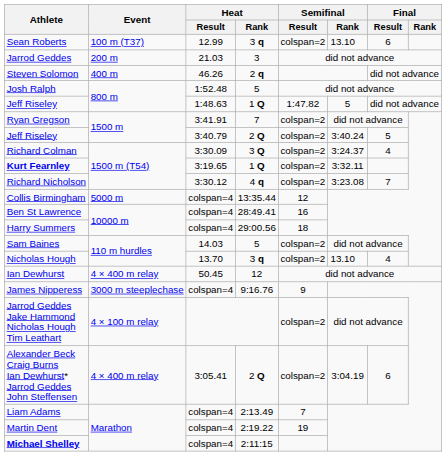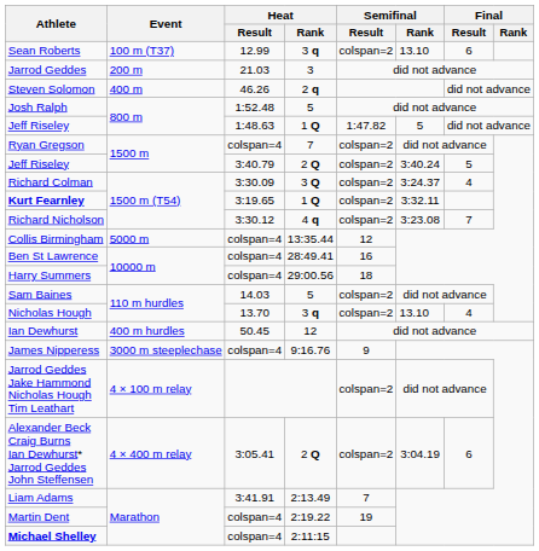 <table class="wikitable" style="font-size:90%">
 <tr>
 <th rowspan=2>Athlete</th>
 <th rowspan=2>Event</th>
 <th colspan=2>Heat</th>
 <th colspan=2>Semifinal</th>
 <th colspan=2>Final</th>
 </tr>
 <tr style="font-size:95%">
 <th>Result</th>
 <th>Rank</th>
 <th>Result</th>
 <th>Rank</th>
 <th>Result</th>
 <th>Rank</th>
 </tr>
 <tr align=center>
 <td align=left><a href='#'>Sean Roberts</a></td>
 <td align=left><a href='#'>100 m (T37)</a></td>
 <td>12.99</td>
 <td>3 <strong>q</strong></td>
 <td>colspan=2 </td>
 <td>13.10 </td>
 <td>6</td>
 </tr>
 <tr align=center>
 <td align=left><a href='#'>Jarrod Geddes</a></td>
 <td align=left><a href='#'>200 m</a></td>
 <td>21.03</td>
 <td>3</td>
 <td colspan=4>did not advance</td>
 </tr>
 <tr align=center>
 <td align=left><a href='#'>Steven Solomon</a></td>
 <td align=left><a href='#'>400 m</a></td>
 <td>46.26</td>
 <td>2 <strong>q</strong></td>
 <td colspan=2></td>
 <td colspan=2>did not advance</td>
 </tr>
 <tr align=center>
 <td align=left><a href='#'>Josh Ralph</a></td>
 <td align=left rowspan=2><a href='#'>800 m</a></td>
 <td>1:52.48</td>
 <td>5</td>
 <td colspan=4>did not advance</td>
 </tr>
 <tr align=center>
 <td align=left><a href='#'>Jeff Riseley</a></td>
 <td>1:48.63</td>
 <td>1 <strong>Q</strong></td>
 <td>1:47.82</td>
 <td>5</td>
 <td colspan=2>did not advance</td>
 </tr>
 <tr align=center>
 <td align=left><a href='#'>Ryan Gregson</a></td>
 <td align=left rowspan=2><a href='#'>1500 m</a></td>
-<td>3:41.91</td>
+<td>colspan=4 </td>
 <td>7</td>
 <td>colspan=2 </td>
 <td colspan=2>did not advance</td>
 </tr>
 <tr align=center>
 <td align=left><a href='#'>Jeff Riseley</a></td>
 <td>3:40.79</td>
 <td>2 <strong>Q</strong></td>
 <td>colspan=2 </td>
 <td>3:40.24</td>
 <td>5</td>
 </tr>
 <tr align=center>
 <td align=left><a href='#'>Richard Colman</a></td>
 <td align=left rowspan=3><a href='#'>1500 m (T54)</a></td>
 <td>3:30.09</td>
 <td>3 <strong>Q</strong></td>
 <td>colspan=2 </td>
 <td>3:24.37</td>
 <td>4</td>
 </tr>
 <tr align=center>
 <td align=left><strong><a href='#'>Kurt Fearnley</a></strong></td>
 <td>3:19.65</td>
 <td>1 <strong>Q</strong></td>
 <td>colspan=2 </td>
 <td>3:32.11</td>
 <td></td>
 </tr>
 <tr align=center>
 <td align=left><a href='#'>Richard Nicholson</a></td>
 <td>3:30.12</td>
 <td>4 <strong>q</strong></td>
 <td>colspan=2 </td>
 <td>3:23.08</td>
 <td>7</td>
 </tr>
 <tr align=center>
 <td align=left><a href='#'>Collis Birmingham</a></td>
 <td align=left rowspan=1><a href='#'>5000 m</a></td>
 <td>colspan=4 </td>
 <td>13:35.44</td>
 <td>12</td>
 </tr>
 <tr align=center>
 <td align=left><a href='#'>Ben St Lawrence</a></td>
 <td align=left rowspan=2><a href='#'>10000 m</a></td>
 <td>colspan=4 </td>
 <td>28:49.41</td>
 <td>16</td>
 </tr>
 <tr align=center>
 <td align=left><a href='#'>Harry Summers</a></td>
 <td>colspan=4 </td>
 <td>29:00.56</td>
 <td>18</td>
 </tr>
 <tr align=center>
 <td align=left><a href='#'>Sam Baines</a></td>
 <td align=left rowspan=2><a href='#'>110 m hurdles</a></td>
 <td>14.03</td>
 <td>5</td>
 <td>colspan=2 </td>
 <td colspan=2>did not advance</td>
 </tr>
 <tr align=center>
 <td align=left><a href='#'>Nicholas Hough</a></td>
 <td>13.70</td>
 <td>3 <strong>q</strong></td>
 <td>colspan=2 </td>
 <td>13.10 </td>
 <td>4</td>
 </tr>
 <tr align=center>
 <td align=left><a href='#'>Ian Dewhurst</a></td>
-<td align=left><a href='#'>4 × 400 m relay</a></td>
+<td align=left rowspan=1><a href='#'>400 m hurdles</a></td>
 <td>50.45</td>
 <td>12</td>
 <td colspan=4>did not advance</td>
 </tr>
 <tr align=center>
 <td align=left><a href='#'>James Nipperess</a></td>
 <td align=left><a href='#'>3000 m steeplechase</a></td>
 <td>colspan=4 </td>
 <td>9:16.76</td>
 <td>9</td>
 </tr>
 <tr align=center>
 <td align=left><a href='#'>Jarrod Geddes</a><br><a href='#'>Jake Hammond</a><br><a href='#'>Nicholas Hough</a><br><a href='#'>Tim Leathart</a></td>
 <td align=left><a href='#'>4 × 100 m relay</a></td>
 <td colspan=2></td>
 <td>colspan=2 </td>
 <td colspan=2>did not advance</td>
 </tr>
 <tr align=center>
 <td align=left><a href='#'>Alexander Beck</a><br><a href='#'>Craig Burns</a><br><a href='#'>Ian Dewhurst</a>*<br><a href='#'>Jarrod Geddes</a><br><a href='#'>John Steffensen</a></td>
 <td align=left><a href='#'>4 × 400 m relay</a></td>
 <td>3:05.41</td>
 <td>2 <strong>Q</strong></td>
 <td>colspan=2 </td>
 <td>3:04.19</td>
 <td>6</td>
 </tr>
 <tr align=center>
 <td align=left><a href='#'>Liam Adams</a></td>
 <td align=left rowspan=3><a href='#'>Marathon</a></td>
-<td>colspan=4 </td>
+<td>3:41.91</td>
 <td>2:13.49</td>
 <td>7</td>
 </tr>
 <tr align=center>
 <td align=left><a href='#'>Martin Dent</a></td>
 <td>colspan=4 </td>
 <td>2:19.22</td>
 <td>19</td>
 </tr>
 <tr align=center>
 <td align=left><strong><a href='#'>Michael Shelley</a></strong></td>
 <td>colspan=4 </td>
 <td>2:11:15</td>
 <td></td>
 </tr>
 </table>
